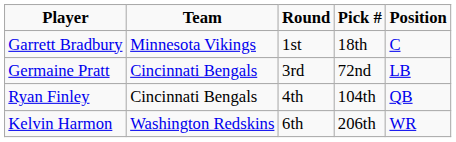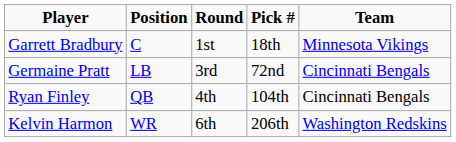 <table class="wikitable">
 <tr style="text-align:center; ">
 <td><strong>Player</strong></td>
-<td><strong>Team</strong></td>
+<td><strong>Position</strong></td>
 <td><strong>Round</strong></td>
 <td><strong>Pick #</strong></td>
-<td><strong>Position</strong></td>
+<td><strong>Team</strong></td>
 </tr>
 <tr>
 <td><a href='#'>Garrett Bradbury</a></td>
-<td><a href='#'>Minnesota Vikings</a></td>
+<td><a href='#'>C</a></td>
 <td>1st</td>
 <td>18th</td>
-<td><a href='#'>C</a></td>
+<td><a href='#'>Minnesota Vikings</a></td>
 </tr>
 <tr>
 <td><a href='#'>Germaine Pratt</a></td>
-<td><a href='#'>Cincinnati Bengals</a></td>
+<td><a href='#'>LB</a></td>
 <td>3rd</td>
 <td>72nd</td>
-<td><a href='#'>LB</a></td>
+<td><a href='#'>Cincinnati Bengals</a></td>
 </tr>
 <tr>
 <td><a href='#'>Ryan Finley</a></td>
-<td>Cincinnati Bengals</td>
+<td><a href='#'>QB</a></td>
 <td>4th</td>
 <td>104th</td>
-<td><a href='#'>QB</a></td>
+<td>Cincinnati Bengals</td>
 </tr>
 <tr>
 <td><a href='#'>Kelvin Harmon</a></td>
-<td><a href='#'>Washington Redskins</a></td>
+<td><a href='#'>WR</a></td>
 <td>6th</td>
 <td>206th</td>
-<td><a href='#'>WR</a></td>
+<td><a href='#'>Washington Redskins</a></td>
 </tr>
 </table>
